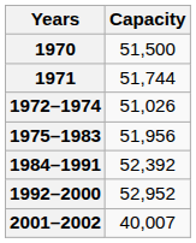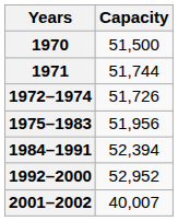 <table class="wikitable">
 <tr>
 <th scope="row">Years</th>
 <th scope="row">Capacity</th>
 </tr>
 <tr>
 <th scope="row">1970</th>
 <td style="text-align:center">51,500</td>
 </tr>
 <tr>
 <th scope="row">1971</th>
 <td style="text-align:center">51,744</td>
 </tr>
 <tr>
 <th scope="row">1972–1974</th>
-<td style="text-align:center">51,026</td>
+<td style="text-align:center">51,726</td>
 </tr>
 <tr>
 <th scope="row">1975–1983</th>
 <td style="text-align:center">51,956</td>
 </tr>
 <tr>
 <th scope="row">1984–1991</th>
-<td style="text-align:center">52,392</td>
+<td style="text-align:center">52,394</td>
 </tr>
 <tr>
 <th scope="row">1992–2000</th>
 <td style="text-align:center">52,952</td>
 </tr>
 <tr>
 <th scope="row">2001–2002</th>
 <td style="text-align:center">40,007</td>
 </tr>
 </table>
